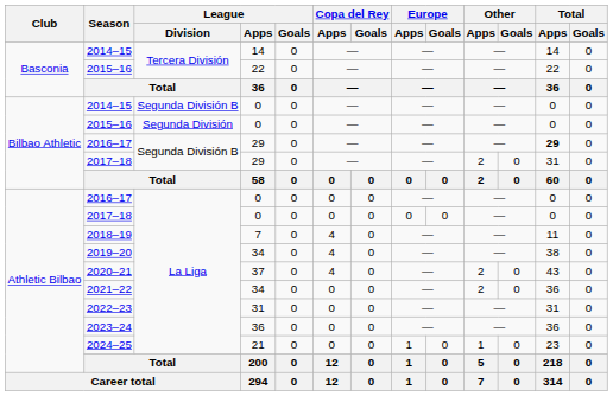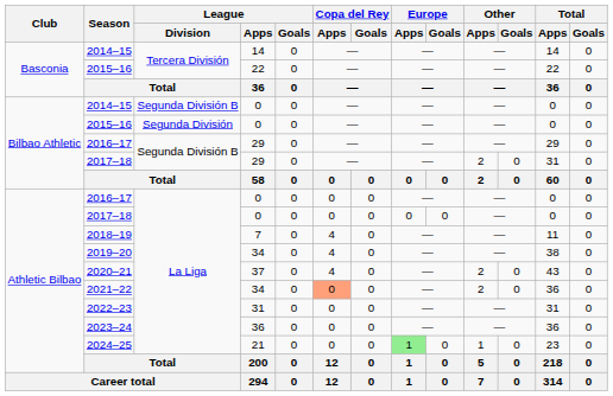 <table class="wikitable" style="text-align:center">
 <tr>
 <th rowspan="2">Club</th>
 <th rowspan="2">Season</th>
 <th colspan="3">League</th>
 <th colspan="2"><a href='#'>Copa del Rey</a></th>
 <th colspan="2"><a href='#'>Europe</a></th>
 <th colspan="2">Other</th>
 <th colspan="2">Total</th>
 </tr>
 <tr>
 <th>Division</th>
 <th>Apps</th>
 <th>Goals</th>
 <th>Apps</th>
 <th>Goals</th>
 <th>Apps</th>
 <th>Goals</th>
 <th>Apps</th>
 <th>Goals</th>
 <th>Apps</th>
 <th>Goals</th>
 </tr>
 <tr>
 <td rowspan="3"><a href='#'>Basconia</a></td>
 <td><a href='#'>2014–15</a></td>
 <td rowspan="2"><a href='#'>Tercera División</a></td>
 <td>14</td>
 <td>0</td>
 <td colspan="2">—</td>
 <td colspan="2">—</td>
 <td colspan="2">—</td>
 <td>14</td>
 <td>0</td>
 </tr>
 <tr>
 <td><a href='#'>2015–16</a></td>
 <td>22</td>
 <td>0</td>
 <td colspan="2">—</td>
 <td colspan="2">—</td>
 <td colspan="2">—</td>
 <td>22</td>
 <td>0</td>
 </tr>
 <tr>
 <th colspan="2">Total</th>
 <th>36</th>
 <th>0</th>
 <th colspan="2">—</th>
 <th colspan="2">—</th>
 <th colspan="2">—</th>
 <th>36</th>
 <th>0</th>
 </tr>
 <tr>
 <td rowspan="5"><a href='#'>Bilbao Athletic</a></td>
 <td><a href='#'>2014–15</a></td>
 <td><a href='#'>Segunda División B</a></td>
 <td>0</td>
 <td>0</td>
 <td colspan="2">—</td>
 <td colspan="2">—</td>
 <td colspan="2">—</td>
 <td>0</td>
 <td>0</td>
 </tr>
 <tr>
 <td><a href='#'>2015–16</a></td>
 <td><a href='#'>Segunda División</a></td>
 <td>0</td>
 <td>0</td>
 <td colspan="2">—</td>
 <td colspan="2">—</td>
 <td colspan="2">—</td>
 <td>0</td>
 <td>0</td>
 </tr>
 <tr>
 <td><a href='#'>2016–17</a></td>
 <td rowspan="2">Segunda División B</td>
 <td>29</td>
 <td>0</td>
 <td colspan="2">—</td>
 <td colspan="2">—</td>
 <td colspan="2">—</td>
-<td><strong>29</strong></td>
+<td>29</td>
 <td>0</td>
 </tr>
 <tr>
 <td><a href='#'>2017–18</a></td>
 <td>29</td>
 <td>0</td>
 <td colspan="2">—</td>
 <td colspan="2">—</td>
 <td>2</td>
 <td>0</td>
 <td>31</td>
 <td>0</td>
 </tr>
 <tr>
 <th colspan="2">Total</th>
 <th>58</th>
 <th>0</th>
 <th>0</th>
 <th>0</th>
 <th>0</th>
 <th>0</th>
 <th>2</th>
 <th>0</th>
 <th>60</th>
 <th>0</th>
 </tr>
 <tr>
 <td rowspan="10"><a href='#'>Athletic Bilbao</a></td>
 <td><a href='#'>2016–17</a></td>
 <td rowspan="9"><a href='#'>La Liga</a></td>
 <td>0</td>
 <td>0</td>
 <td>0</td>
 <td>0</td>
 <td colspan="2">—</td>
 <td colspan="2">—</td>
 <td>0</td>
 <td>0</td>
 </tr>
 <tr>
 <td><a href='#'>2017–18</a></td>
 <td>0</td>
 <td>0</td>
 <td>0</td>
 <td>0</td>
 <td>0</td>
 <td>0</td>
 <td colspan="2">—</td>
 <td>0</td>
 <td>0</td>
 </tr>
 <tr>
 <td><a href='#'>2018–19</a></td>
 <td>7</td>
 <td>0</td>
 <td>4</td>
 <td>0</td>
 <td colspan="2">—</td>
 <td colspan="2">—</td>
 <td>11</td>
 <td>0</td>
 </tr>
 <tr>
 <td><a href='#'>2019–20</a></td>
 <td>34</td>
 <td>0</td>
 <td>4</td>
 <td>0</td>
 <td colspan="2">—</td>
 <td colspan="2">—</td>
 <td>38</td>
 <td>0</td>
 </tr>
 <tr>
 <td><a href='#'>2020–21</a></td>
 <td>37</td>
 <td>0</td>
 <td>4</td>
 <td>0</td>
 <td colspan="2">—</td>
 <td>2</td>
 <td>0</td>
 <td>43</td>
 <td>0</td>
 </tr>
 <tr>
 <td><a href='#'>2021–22</a></td>
 <td>34</td>
 <td>0</td>
-<td>0</td>
+<td style="background: lightsalmon;">0</td>
 <td>0</td>
 <td colspan="2">—</td>
 <td>2</td>
 <td>0</td>
 <td>36</td>
 <td>0</td>
 </tr>
 <tr>
 <td><a href='#'>2022–23</a></td>
 <td>31</td>
 <td>0</td>
 <td>0</td>
 <td>0</td>
 <td colspan="2">—</td>
 <td colspan="2">—</td>
 <td>31</td>
 <td>0</td>
 </tr>
 <tr>
 <td><a href='#'>2023–24</a></td>
 <td>36</td>
 <td>0</td>
 <td>0</td>
 <td>0</td>
 <td colspan="2">—</td>
 <td colspan="2">—</td>
 <td>36</td>
 <td>0</td>
 </tr>
 <tr>
 <td><a href='#'>2024–25</a></td>
 <td>21</td>
 <td>0</td>
 <td>0</td>
 <td>0</td>
-<td>1</td>
+<td style="background: lightgreen;">1</td>
 <td>0</td>
 <td>1</td>
 <td>0</td>
 <td>23</td>
 <td>0</td>
 </tr>
 <tr>
 <th colspan="2">Total</th>
 <th>200</th>
 <th>0</th>
 <th>12</th>
 <th>0</th>
 <th>1</th>
 <th>0</th>
 <th>5</th>
 <th>0</th>
 <th>218</th>
 <th>0</th>
 </tr>
 <tr>
 <th colspan="3">Career total</th>
 <th>294</th>
 <th>0</th>
 <th>12</th>
 <th>0</th>
 <th>1</th>
 <th>0</th>
 <th>7</th>
 <th>0</th>
 <th>314</th>
 <th>0</th>
 </tr>
 </table>
